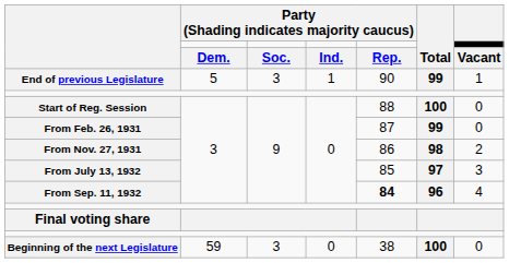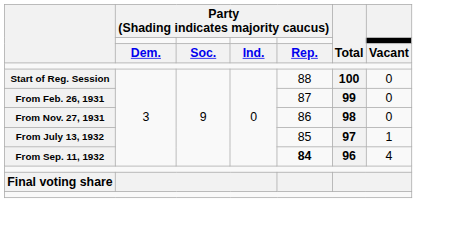 <table class=wikitable style="text-align:center">
 <tr style="vertical-align:bottom;">
 <th rowspan=3></th>
 <th colspan=4>Party <div>(Shading indicates majority caucus)</div></th>
 <th rowspan=3>Total</th>
 <th></th>
 </tr>
 <tr style="height:5px">
 <td style="background-color:"></td>
 <td style="background-color:"></td>
 <td style="background-color:"></td>
 <td style="background-color:"></td>
 <td style="background:black;"></td>
 </tr>
 <tr>
 <th><a href='#'>Dem.</a></th>
 <th><a href='#'>Soc.</a></th>
 <th><a href='#'>Ind.</a></th>
 <th><a href='#'>Rep.</a></th>
 <th>Vacant</th>
-</tr>
-<tr>
-<th style="font-size:80%;">End of <a href='#'>previous Legislature</a></th>
-<td>5</td>
-<td>3</td>
-<td>1</td>
-<td>90</td>
-<th>99</th>
-<td>1</td>
 </tr>
 <tr>
 <td colspan=7></td>
 </tr>
 <tr>
 <th style="font-size:80%;">Start of Reg. Session</th>
 <td rowspan="5">3</td>
 <td rowspan="5">9</td>
 <td rowspan="5">0</td>
 <td>88</td>
 <th>100</th>
 <td>0</td>
 </tr>
 <tr>
 <th style="font-size:80%;">From Feb. 26, 1931</th>
 <td>87</td>
 <th>99</th>
 <td>0</td>
 </tr>
 <tr>
 <th style="font-size:80%;">From Nov. 27, 1931</th>
 <td>86</td>
 <th>98</th>
-<td>2</td>
+<td>0</td>
 </tr>
 <tr>
 <th style="font-size:80%;">From July 13, 1932</th>
 <td>85</td>
 <th>97</th>
-<td>3</td>
+<td>1</td>
 </tr>
 <tr>
 <th style="font-size:80%;">From Sep. 11, 1932</th>
 <td><strong>84</strong></td>
 <th>96</th>
 <td>4</td>
 </tr>
 <tr>
 <td colspan=7></td>
 </tr>
 <tr>
 <th>Final voting share</th>
 <th colspan=3></th>
 <th></th>
 <th colspan=2></th>
 </tr>
 <tr>
 <td colspan=7></td>
 </tr>
-<tr>
-<th style="font-size:80%;">Beginning of the <a href='#'>next Legislature</a></th>
-<td>59</td>
-<td>3</td>
-<td>0</td>
-<td>38</td>
-<th>100</th>
-<td>0</td>
-</tr>
 </table>
